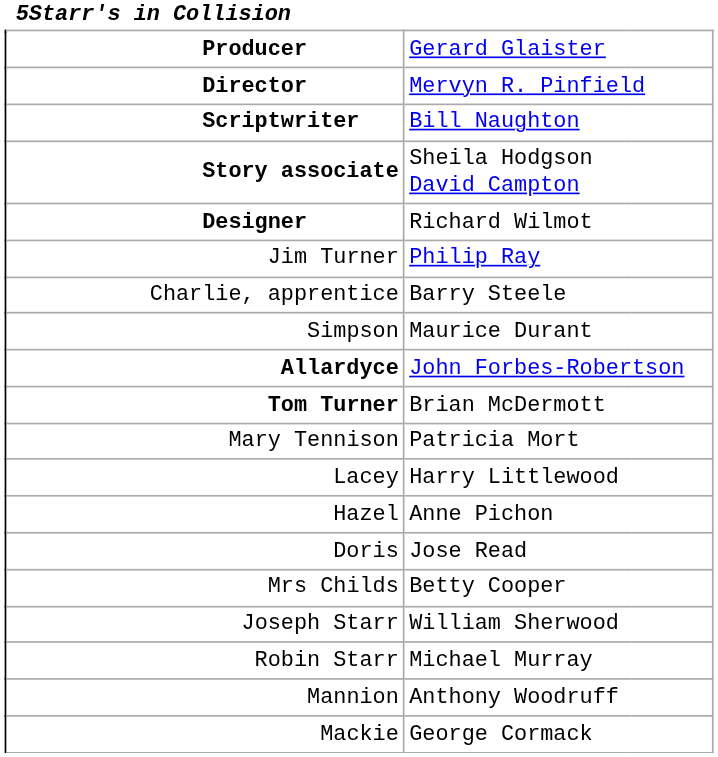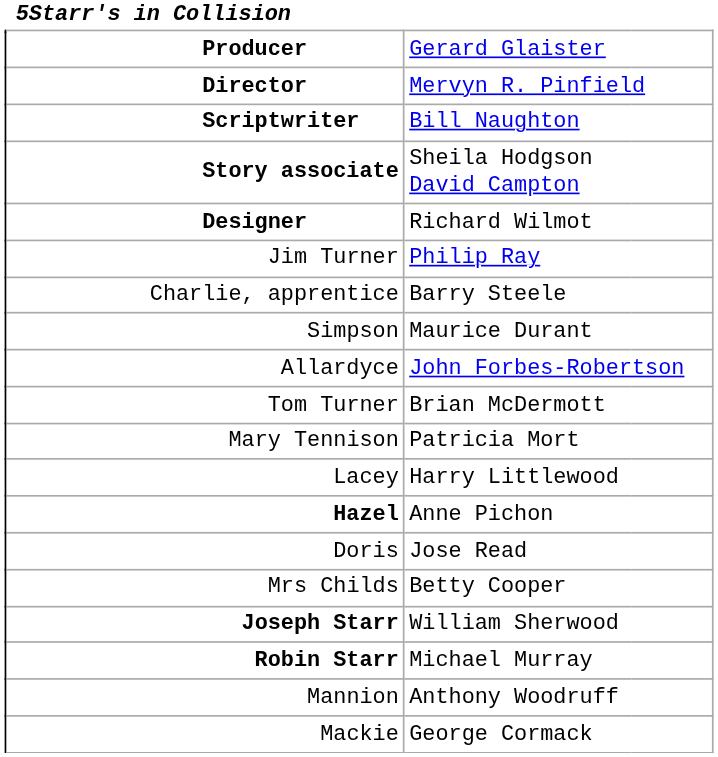 <table class="wikitable mw-collapsible mw-collapsed" style="vertical-align:top;margin:auto 2em;line-height:1.2;min-width:33em;display: inline-table;background-color:inherit;border:none;">
 <tr>
 <td class=unsortable style="border:hidden;line-height:1.67;text-align:center;margin-left:-1em;padding-left:0.5em;min-width:1.0em;"></td>
 <td class=unsortable style="border:none;padding-left:0.5em;text-align:left;min-width:16.5em;font-weight:700;font-style:italic;">5Starr's in Collision</td>
 <td class=unsortable style="border:none;text-align:right;font-weight:normal;font-family:Courier;font-size:95%;letter-spacing:-1pt;min-width:8.5em;padding-right:0.2em;"></td>
 <td class=unsortable style="border:hidden;min-width:3.5em;padding-left:0;"></td>
 <td class=unsortable style="border:hidden;min-width:3.5em;font-size:95%;"></td>
 </tr>
 <tr>
 <td rowspan=100 style="border:none thin;border-right-style :solid;"></td>
 </tr>
 <tr>
 <td style="text-align:left;padding-left:9.0em;font-weight:bold;">Producer</td>
 <td colspan=2><a href='#'>Gerard Glaister</a></td>
 </tr>
 <tr>
 <td style="text-align:left;padding-left:9.0em;font-weight:bold;">Director</td>
 <td colspan=2><a href='#'>Mervyn R. Pinfield</a></td>
 </tr>
 <tr>
 <td style="text-align:left;padding-left:9.0em;font-weight:bold;">Scriptwriter</td>
 <td colspan=2><a href='#'>Bill Naughton</a></td>
 </tr>
 <tr>
 <td style="text-align:left;padding-left:9.0em;font-weight:bold;">Story associate</td>
 <td colspan=2>Sheila Hodgson<br><a href='#'>David Campton</a></td>
 </tr>
 <tr>
 <td style="text-align:left;padding-left:9.0em;font-weight:bold;">Designer</td>
 <td colspan=2>Richard Wilmot</td>
 </tr>
 <tr>
 <td style="text-align:right;">Jim Turner</td>
 <td colspan=2><a href='#'>Philip Ray</a></td>
 </tr>
 <tr>
 <td style="text-align:right;">Charlie, apprentice</td>
 <td colspan=2>Barry Steele</td>
 </tr>
 <tr>
 <td style="text-align:right;">Simpson</td>
 <td colspan=2>Maurice Durant</td>
 </tr>
 <tr>
-<td style="text-align:right;"><strong>Allardyce</strong></td>
+<td style="text-align:right;">Allardyce</td>
 <td colspan=2><a href='#'>John Forbes-Robertson</a></td>
 </tr>
 <tr>
-<td style="text-align:right;"><strong>Tom Turner</strong></td>
+<td style="text-align:right;">Tom Turner</td>
 <td colspan=2>Brian McDermott</td>
 </tr>
 <tr>
 <td style="text-align:right;">Mary Tennison</td>
 <td colspan=2>Patricia Mort</td>
 </tr>
 <tr>
 <td style="text-align:right;">Lacey</td>
 <td colspan=2>Harry Littlewood</td>
 </tr>
 <tr>
-<td style="text-align:right;">Hazel</td>
+<td style="text-align:right;"><strong>Hazel</strong></td>
 <td colspan=2>Anne Pichon</td>
 </tr>
 <tr>
 <td style="text-align:right;">Doris</td>
 <td colspan=2>Jose Read</td>
 </tr>
 <tr>
 <td style="text-align:right;">Mrs Childs</td>
 <td colspan=2>Betty Cooper</td>
 </tr>
 <tr>
-<td style="text-align:right;">Joseph Starr</td>
+<td style="text-align:right;"><strong>Joseph Starr</strong></td>
 <td colspan=2>William Sherwood</td>
 </tr>
 <tr>
-<td style="text-align:right;">Robin Starr</td>
+<td style="text-align:right;"><strong>Robin Starr</strong></td>
 <td colspan=2>Michael Murray</td>
 </tr>
 <tr>
 <td style="text-align:right;">Mannion</td>
 <td colspan=2>Anthony Woodruff</td>
 </tr>
 <tr>
 <td style="text-align:right;">Mackie</td>
 <td colspan=2>George Cormack</td>
 </tr>
 </table>
